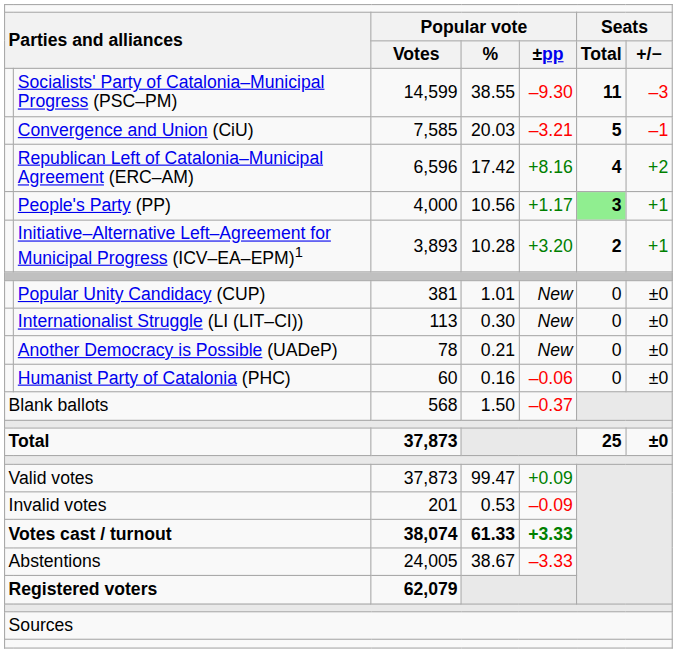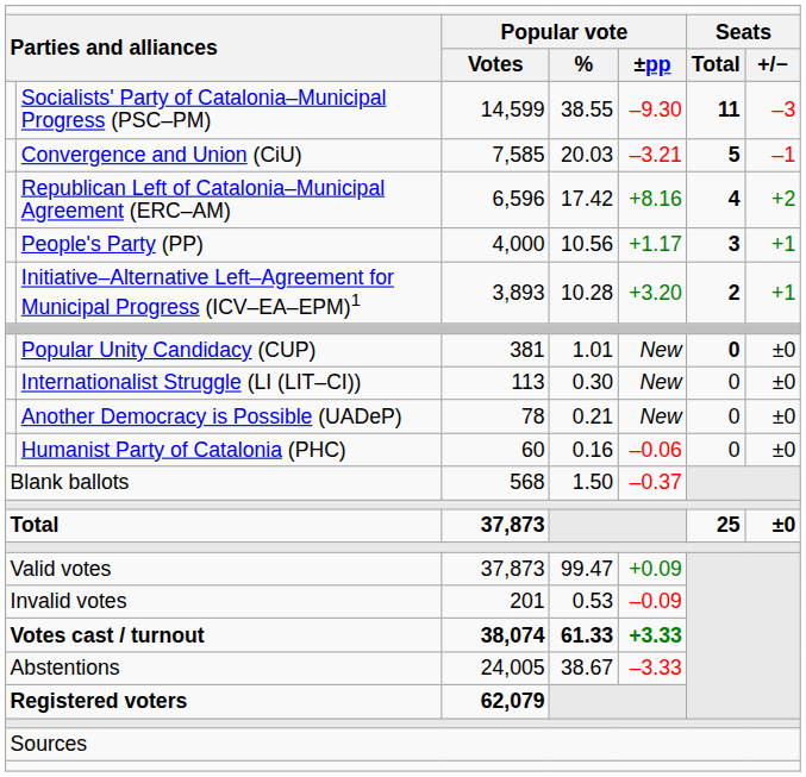 <table class="wikitable" style="text-align:right;">
 <tr>
 <td colspan="7"></td>
 </tr>
 <tr>
 <th style="text-align:left;" rowspan="2" colspan="2" width="525">Parties and alliances</th>
 <th colspan="3">Popular vote</th>
 <th colspan="2">Seats</th>
 </tr>
 <tr>
 <th width="75">Votes</th>
 <th width="45">%</th>
 <th width="45">±<a href='#'>pp</a></th>
 <th width="35">Total</th>
 <th width="35">+/−</th>
 </tr>
 <tr>
 <td width="1" style="color:inherit;background:"></td>
 <td align="left"><a href='#'>Socialists' Party of Catalonia–Municipal Progress</a> (PSC–PM)</td>
 <td>14,599</td>
 <td>38.55</td>
 <td style="color:red;">–9.30</td>
 <td><strong>11</strong></td>
 <td style="color:red;">–3</td>
 </tr>
 <tr>
 <td style="color:inherit;background:"></td>
 <td align="left"><a href='#'>Convergence and Union</a> (CiU)</td>
 <td>7,585</td>
 <td>20.03</td>
 <td style="color:red;">–3.21</td>
 <td><strong>5</strong></td>
 <td style="color:red;">–1</td>
 </tr>
 <tr>
 <td style="color:inherit;background:"></td>
 <td align="left"><a href='#'>Republican Left of Catalonia–Municipal Agreement</a> (ERC–AM)</td>
 <td>6,596</td>
 <td>17.42</td>
 <td style="color:green;">+8.16</td>
 <td><strong>4</strong></td>
 <td style="color:green;">+2</td>
 </tr>
 <tr>
 <td style="color:inherit;background:"></td>
 <td align="left"><a href='#'>People's Party</a> (PP)</td>
 <td>4,000</td>
 <td>10.56</td>
 <td style="color:green;">+1.17</td>
-<td style="background: lightgreen;"><strong>3</strong></td>
+<td><strong>3</strong></td>
 <td style="color:green;">+1</td>
 </tr>
 <tr>
 <td style="color:inherit;background:"></td>
 <td align="left"><a href='#'>Initiative–Alternative Left–Agreement for Municipal Progress</a> (ICV–EA–EPM)<sup>1</sup></td>
 <td>3,893</td>
 <td>10.28</td>
 <td style="color:green;">+3.20</td>
 <td><strong>2</strong></td>
 <td style="color:green;">+1</td>
 </tr>
 <tr>
 <td colspan="7" style="color:inherit;background:#C0C0C0"></td>
 </tr>
 <tr>
 <td style="color:inherit;background:"></td>
 <td align="left"><a href='#'>Popular Unity Candidacy</a> (CUP)</td>
 <td>381</td>
 <td>1.01</td>
 <td><em>New</em></td>
-<td>0</td>
+<td><strong>0</strong></td>
 <td>±0</td>
 </tr>
 <tr>
 <td style="color:inherit;background:"></td>
 <td align="left"><a href='#'>Internationalist Struggle</a> (LI (LIT–CI))</td>
 <td>113</td>
 <td>0.30</td>
 <td><em>New</em></td>
 <td>0</td>
 <td>±0</td>
 </tr>
 <tr>
 <td style="color:inherit;background:"></td>
 <td align="left"><a href='#'>Another Democracy is Possible</a> (UADeP)</td>
 <td>78</td>
 <td>0.21</td>
 <td><em>New</em></td>
 <td>0</td>
 <td>±0</td>
 </tr>
 <tr>
 <td style="color:inherit;background:"></td>
 <td align="left"><a href='#'>Humanist Party of Catalonia</a> (PHC)</td>
 <td>60</td>
 <td>0.16</td>
 <td style="color:red;">–0.06</td>
 <td>0</td>
 <td>±0</td>
 </tr>
 <tr>
 <td align="left" colspan="2">Blank ballots</td>
 <td>568</td>
 <td>1.50</td>
 <td style="color:red;">–0.37</td>
 <td style="color:inherit;background:#E9E9E9" colspan="2"></td>
 </tr>
 <tr>
 <td colspan="7" style="color:inherit;background:#E9E9E9"></td>
 </tr>
 <tr style="font-weight:bold;">
 <td align="left" colspan="2">Total</td>
 <td>37,873</td>
 <td bgcolor="#E9E9E9" colspan="2"></td>
 <td>25</td>
 <td>±0</td>
 </tr>
 <tr>
 <td colspan="7" style="color:inherit;background:#E9E9E9"></td>
 </tr>
 <tr>
 <td align="left" colspan="2">Valid votes</td>
 <td>37,873</td>
 <td>99.47</td>
 <td style="color:green;">+0.09</td>
 <td bgcolor="#E9E9E9" colspan="2" rowspan="5"></td>
 </tr>
 <tr>
 <td align="left" colspan="2">Invalid votes</td>
 <td>201</td>
 <td>0.53</td>
 <td style="color:red;">–0.09</td>
 </tr>
 <tr style="font-weight:bold;">
 <td align="left" colspan="2">Votes cast / turnout</td>
 <td>38,074</td>
 <td>61.33</td>
 <td style="color:green;">+3.33</td>
 </tr>
 <tr>
 <td align="left" colspan="2">Abstentions</td>
 <td>24,005</td>
 <td>38.67</td>
 <td style="color:red;">–3.33</td>
 </tr>
 <tr style="font-weight:bold;">
 <td align="left" colspan="2">Registered voters</td>
 <td>62,079</td>
 <td bgcolor="#E9E9E9" colspan="2"></td>
 </tr>
 <tr>
 <td colspan="7" style="color:inherit;background:#E9E9E9"></td>
 </tr>
 <tr>
 <td align="left" colspan="7">Sources</td>
 </tr>
 <tr>
 <td colspan="7" style="text-align:left; max-width:790px;"></td>
 </tr>
 </table>
